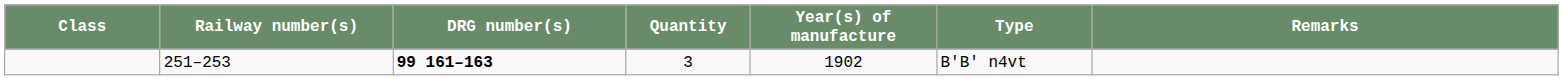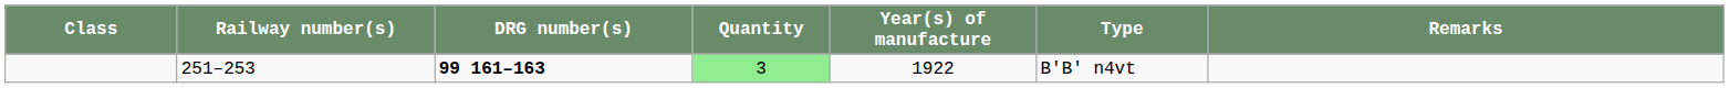 <table class="wikitable"  width="100%">
 <tr>
 <th style="color:#FFFFFF; background:#698B69" width="10%">Class</th>
 <th style="color:#FFFFFF; background:#698B69" width="15%">Railway number(s)</th>
 <th style="color:#FFFFFF; background:#698B69" width="15%">DRG number(s)</th>
 <th style="color:#FFFFFF; background:#698B69" width="8%">Quantity</th>
 <th style="color:#FFFFFF; background:#698B69" width="12%">Year(s) of manufacture</th>
 <th style="color:#FFFFFF; background:#698B69" width="10%">Type</th>
 <th style="color:#FFFFFF; background:#698B69" width="30%">Remarks</th>
 </tr>
 <tr>
 <td></td>
 <td>251–253</td>
 <td><strong>99 161–163</strong></td>
-<td align="center">3</td>
-<td align="center">1902</td>
+<td align="center" style="background: lightgreen;">3</td>
+<td align="center">1922</td>
 <td>B′B′ n4vt</td>
 <td></td>
 </tr>
 </table>
